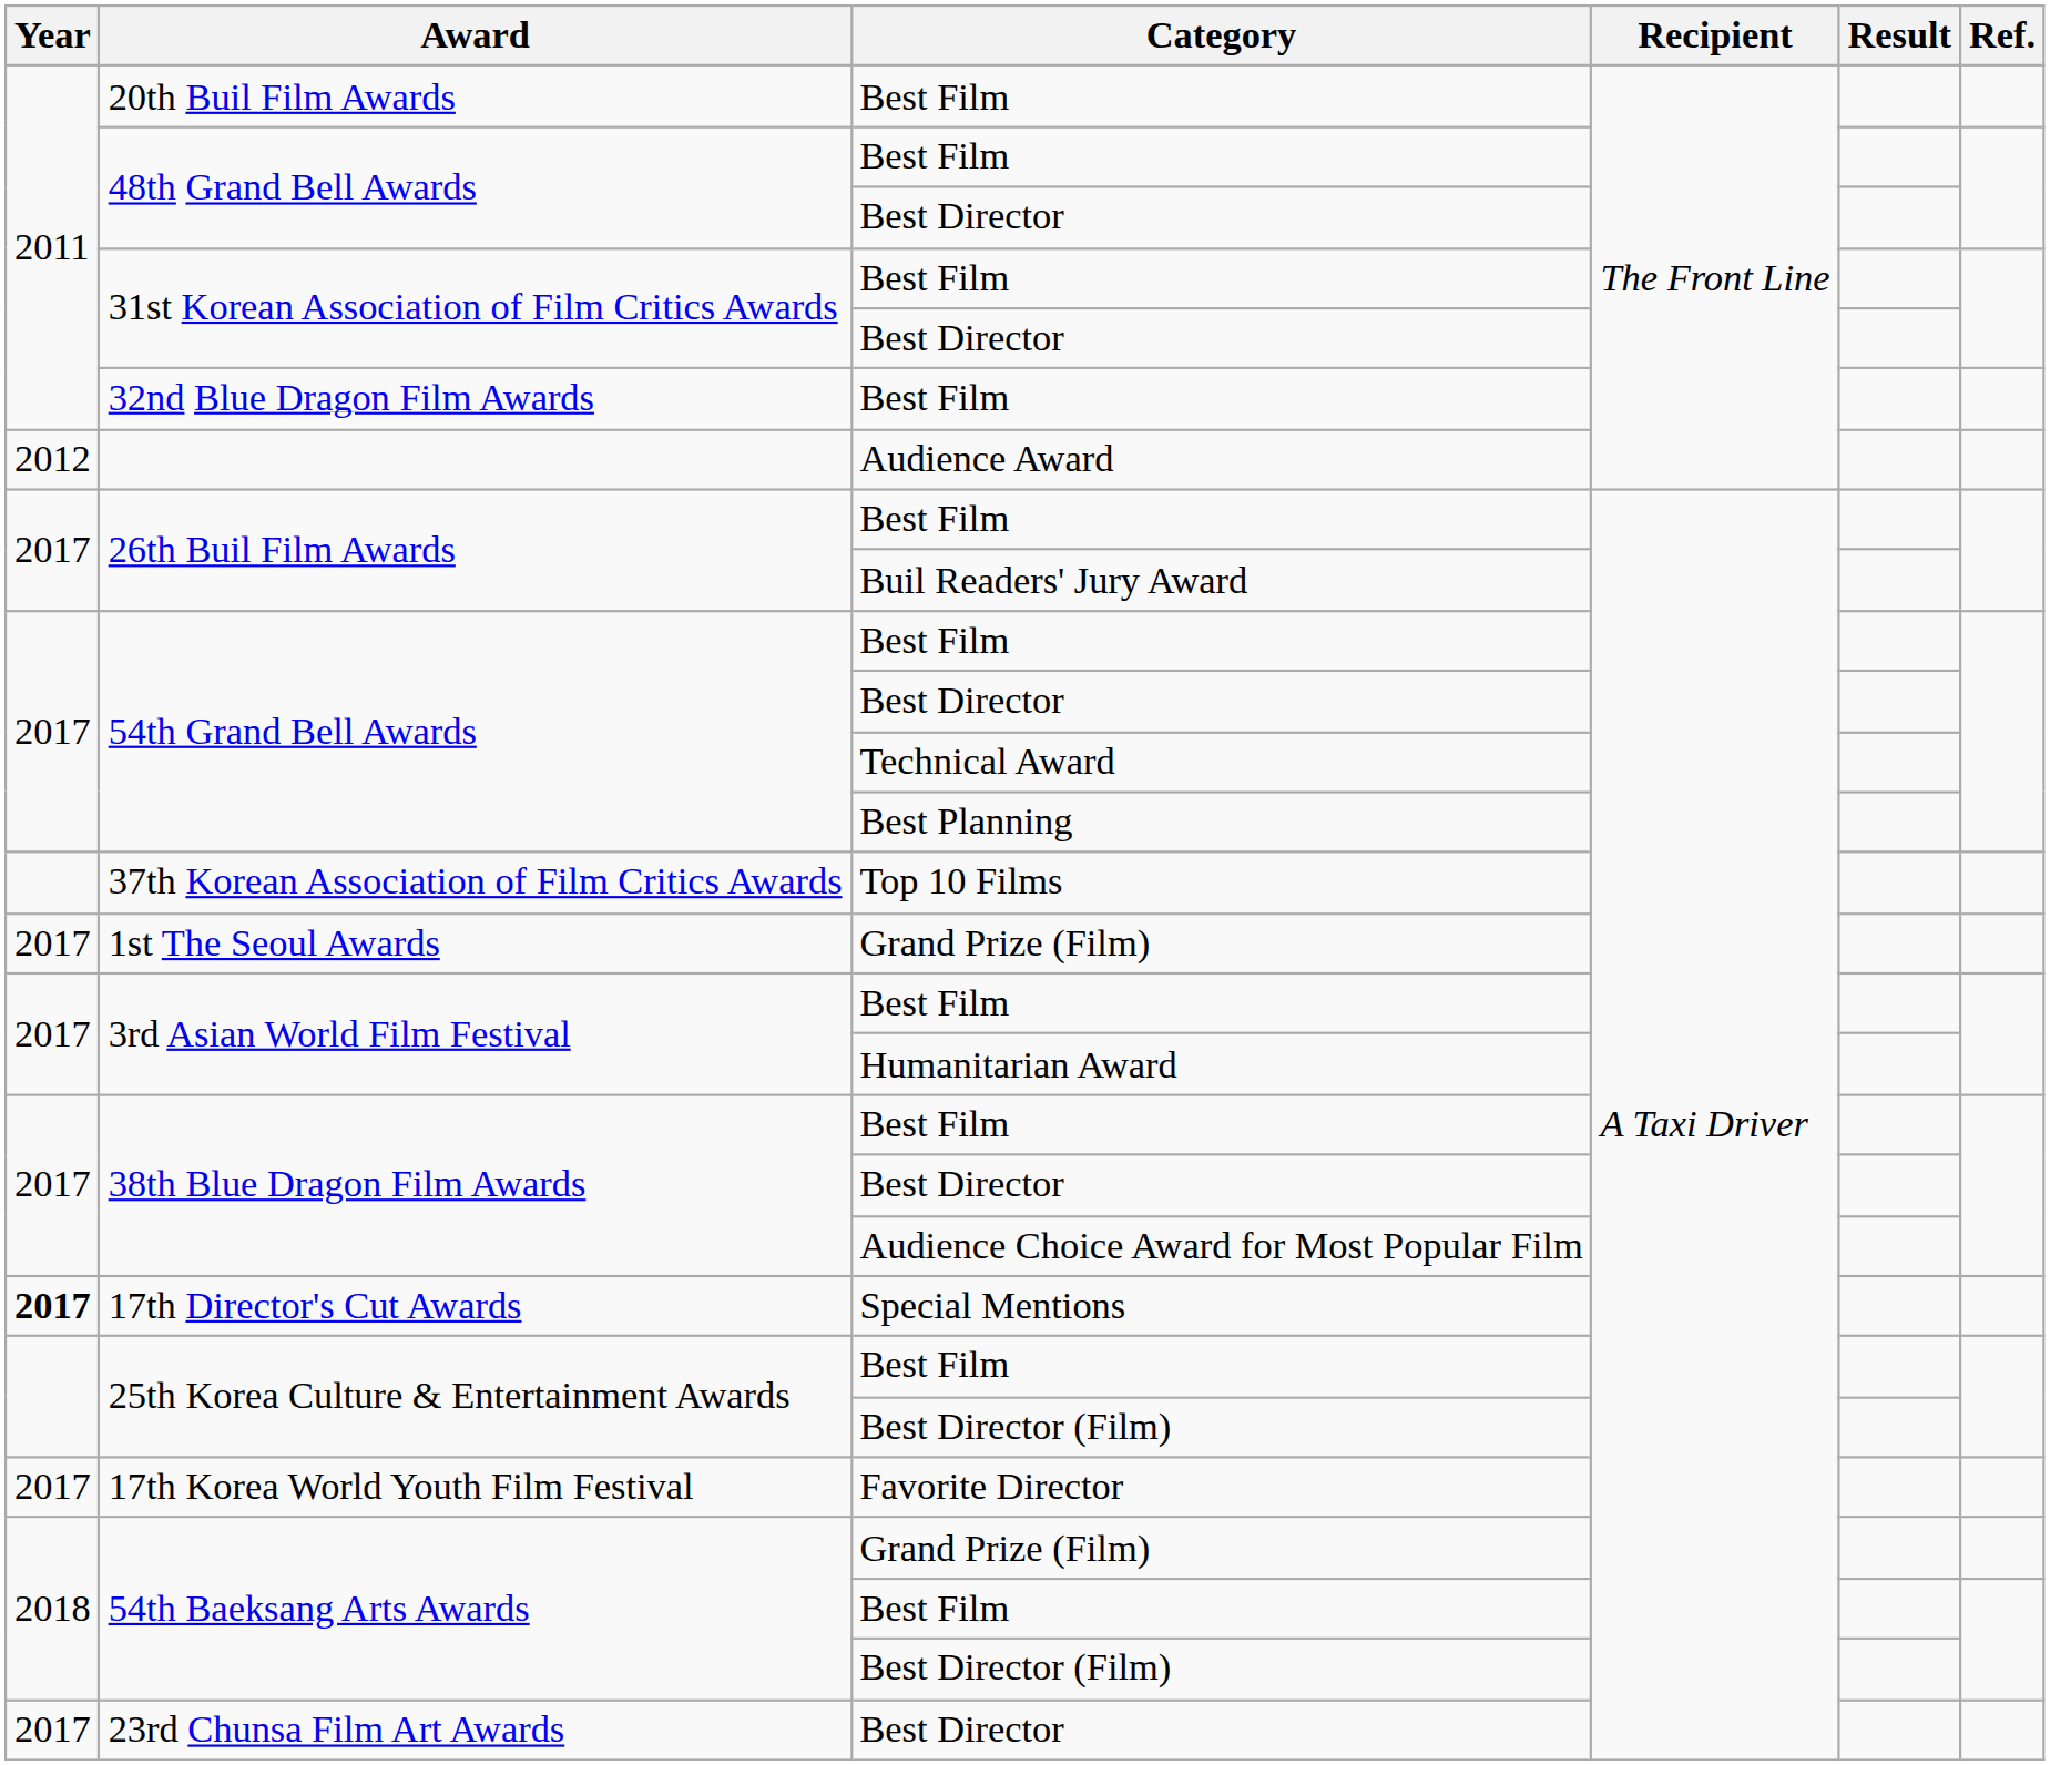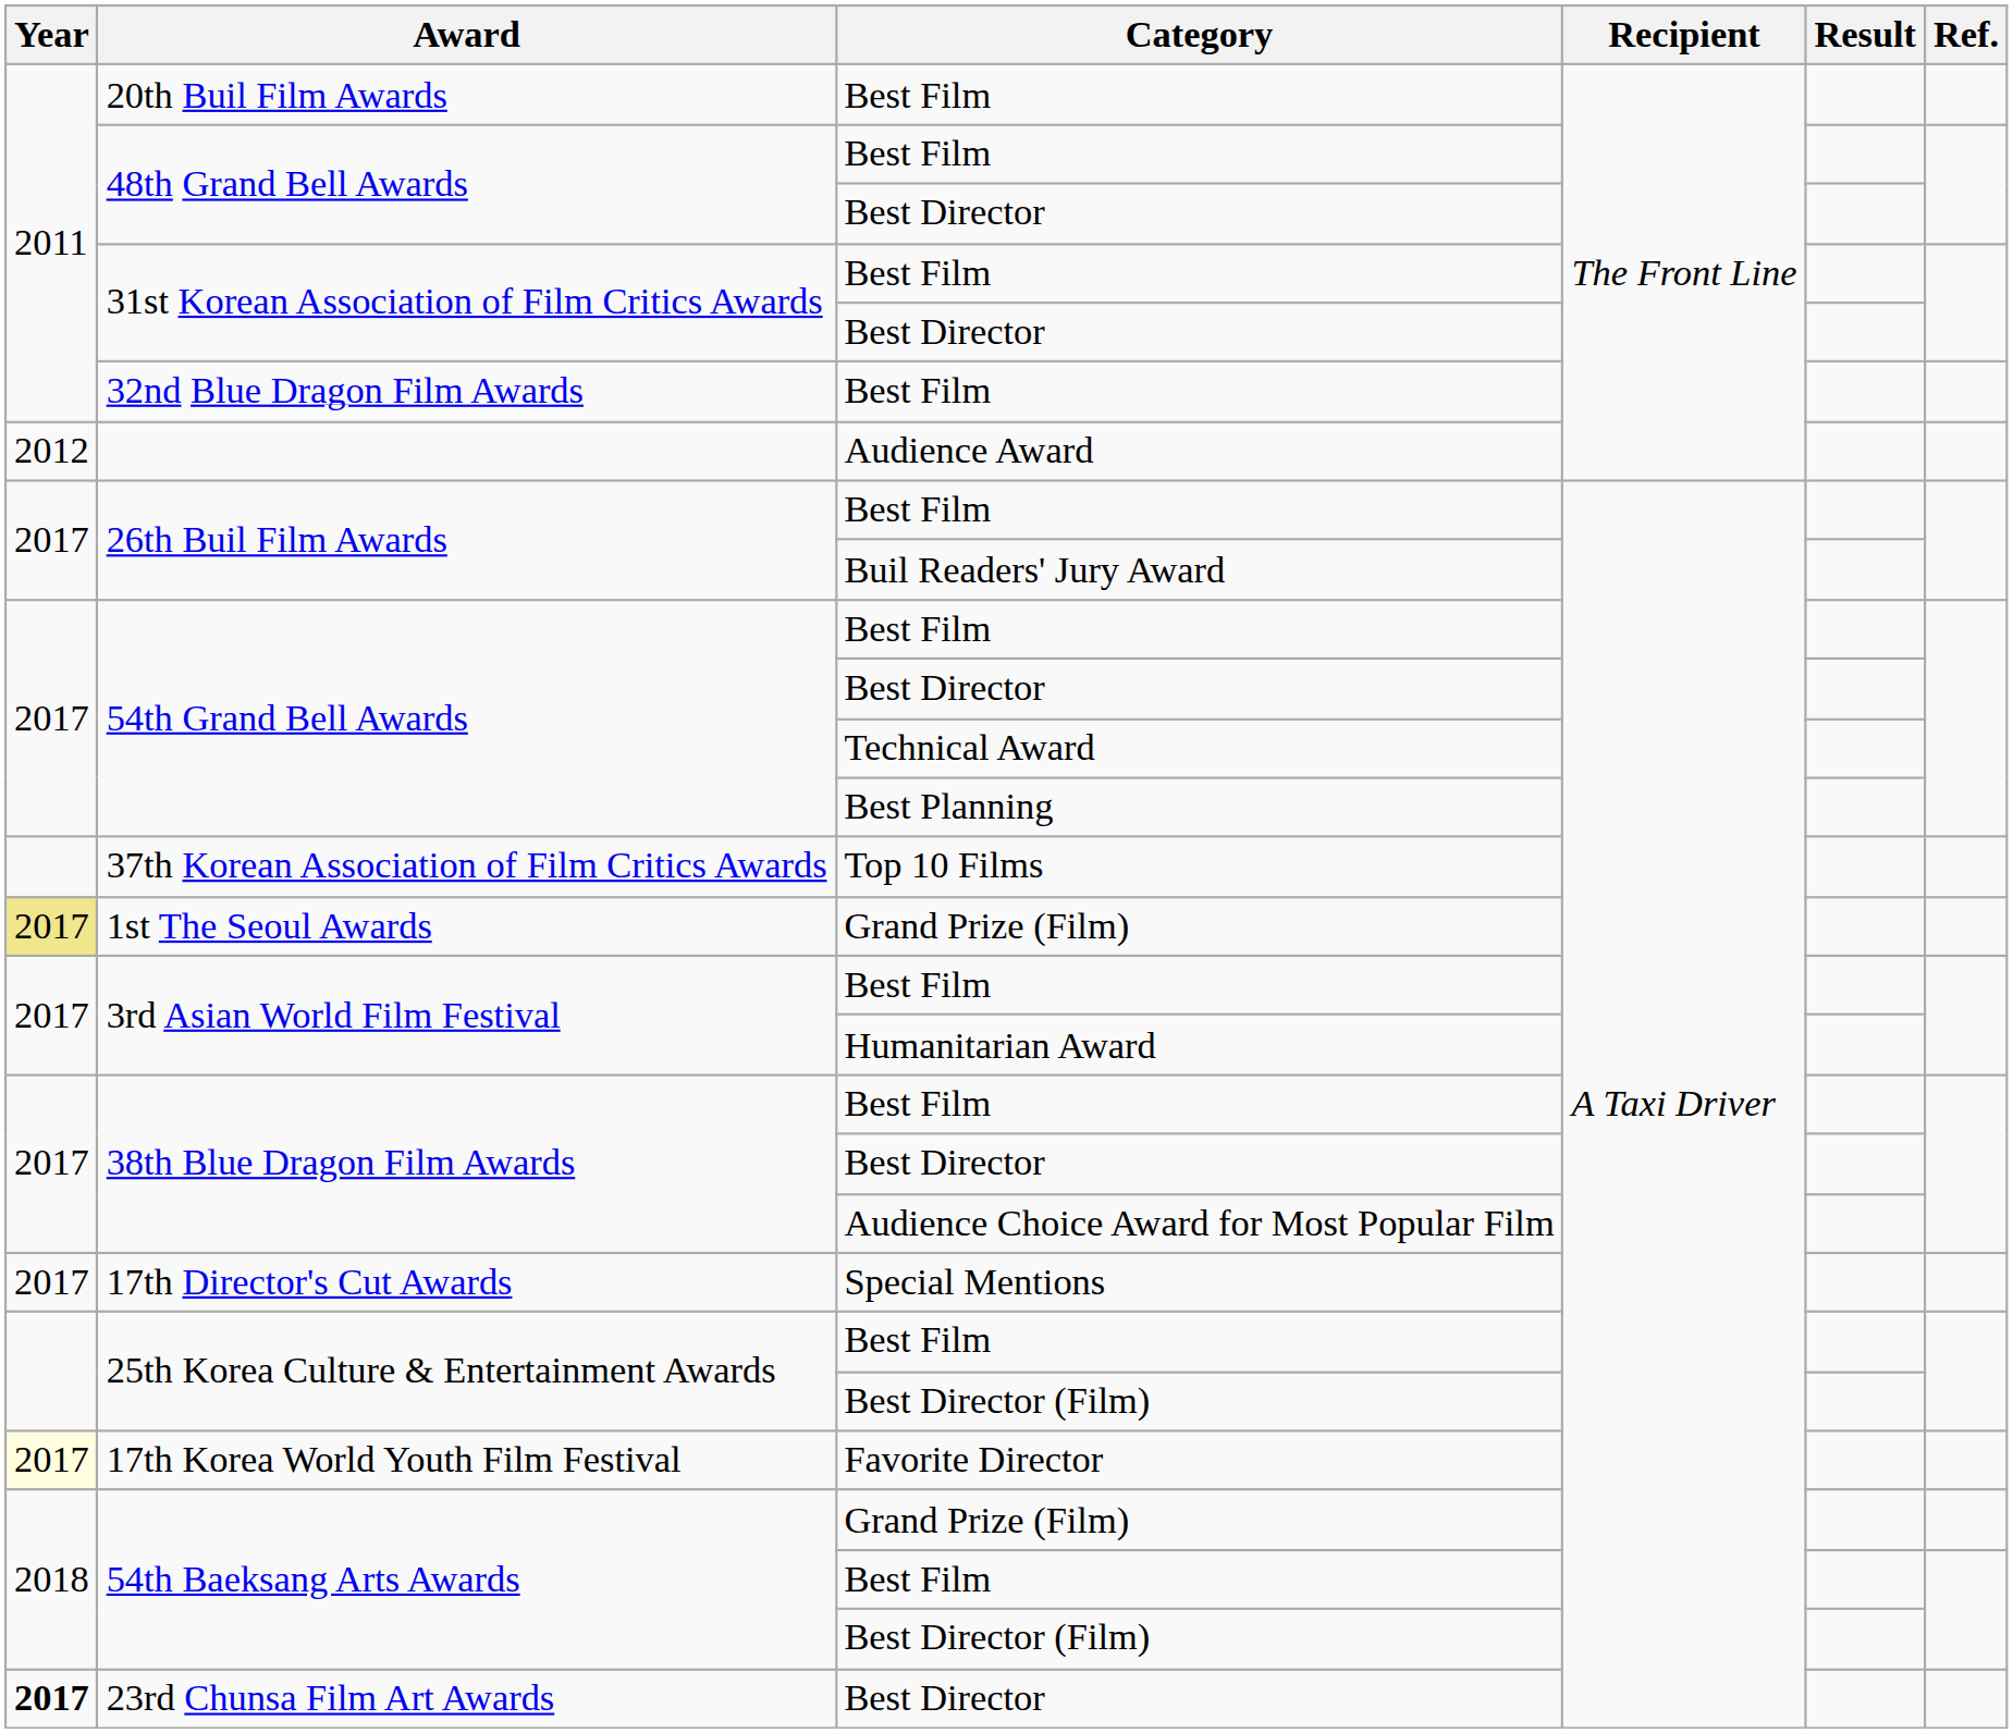 <table class="wikitable plainrowheaders sortable">
 <tr>
 <th>Year</th>
 <th>Award</th>
 <th>Category</th>
 <th>Recipient</th>
 <th>Result</th>
 <th>Ref.</th>
 </tr>
 <tr>
 <td rowspan="6">2011</td>
 <td>20th <a href='#'>Buil Film Awards</a></td>
 <td>Best Film</td>
 <td rowspan="7"><em>The Front Line</em></td>
 <td></td>
 <td></td>
 </tr>
 <tr>
 <td rowspan="2"><a href='#'>48th</a> <a href='#'>Grand Bell Awards</a></td>
 <td>Best Film</td>
 <td></td>
 <td rowspan="2"></td>
 </tr>
 <tr>
 <td>Best Director</td>
 <td></td>
 </tr>
 <tr>
 <td rowspan="2">31st <a href='#'>Korean Association of Film Critics Awards</a></td>
 <td>Best Film</td>
 <td></td>
 <td rowspan="2"></td>
 </tr>
 <tr>
 <td>Best Director</td>
 <td></td>
 </tr>
 <tr>
 <td><a href='#'>32nd</a> <a href='#'>Blue Dragon Film Awards</a></td>
 <td>Best Film</td>
 <td></td>
 <td></td>
 </tr>
 <tr>
 <td rowspan="1">2012</td>
 <td></td>
 <td>Audience Award</td>
 <td></td>
 <td></td>
 </tr>
 <tr>
 <td rowspan="2">2017</td>
 <td rowspan="2"><a href='#'>26th Buil Film Awards</a></td>
 <td>Best Film</td>
 <td rowspan="21"><em>A Taxi Driver</em></td>
 <td></td>
 <td rowspan="2"></td>
 </tr>
 <tr>
 <td>Buil Readers' Jury Award</td>
 <td></td>
 </tr>
 <tr>
 <td rowspan="4">2017</td>
 <td rowspan="4"><a href='#'>54th Grand Bell Awards</a></td>
 <td>Best Film</td>
 <td></td>
 <td rowspan="4"></td>
 </tr>
 <tr>
 <td>Best Director</td>
 <td></td>
 </tr>
 <tr>
 <td>Technical Award</td>
 <td></td>
 </tr>
 <tr>
 <td>Best Planning</td>
 <td></td>
 </tr>
 <tr>
 <td></td>
 <td>37th <a href='#'>Korean Association of Film Critics Awards</a></td>
 <td>Top 10 Films</td>
 <td></td>
 <td></td>
 </tr>
 <tr>
-<td>2017</td>
+<td style="background: khaki;">2017</td>
 <td>1st <a href='#'>The Seoul Awards</a></td>
 <td>Grand Prize (Film)</td>
 <td></td>
 <td></td>
 </tr>
 <tr>
 <td rowspan="2">2017</td>
 <td rowspan="2">3rd <a href='#'>Asian World Film Festival</a></td>
 <td>Best Film</td>
 <td></td>
 <td rowspan="2"></td>
 </tr>
 <tr>
 <td>Humanitarian Award</td>
 <td></td>
 </tr>
 <tr>
 <td rowspan="3">2017</td>
 <td rowspan="3"><a href='#'>38th Blue Dragon Film Awards</a></td>
 <td>Best Film</td>
 <td></td>
 <td rowspan="3"></td>
 </tr>
 <tr>
 <td>Best Director</td>
 <td></td>
 </tr>
 <tr>
 <td>Audience Choice Award for Most Popular Film</td>
 <td></td>
 </tr>
 <tr>
-<td><strong>2017</strong></td>
+<td>2017</td>
 <td>17th <a href='#'>Director's Cut Awards</a></td>
 <td>Special Mentions</td>
 <td></td>
 <td></td>
 </tr>
 <tr>
 <td rowspan="2"></td>
 <td rowspan="2">25th Korea Culture & Entertainment Awards</td>
 <td>Best Film</td>
 <td></td>
 <td rowspan="2"></td>
 </tr>
 <tr>
 <td>Best Director (Film)</td>
 <td></td>
 </tr>
 <tr>
-<td>2017</td>
+<td style="background: lightyellow;">2017</td>
 <td>17th Korea World Youth Film Festival</td>
 <td>Favorite Director</td>
 <td></td>
 <td></td>
 </tr>
 <tr>
 <td rowspan="3">2018</td>
 <td rowspan="3"><a href='#'>54th Baeksang Arts Awards</a></td>
 <td>Grand Prize (Film)</td>
 <td></td>
 <td></td>
 </tr>
 <tr>
 <td>Best Film</td>
 <td></td>
 <td rowspan="2"></td>
 </tr>
 <tr>
 <td>Best Director (Film)</td>
 <td></td>
 </tr>
 <tr>
-<td>2017</td>
+<td><strong>2017</strong></td>
 <td>23rd <a href='#'>Chunsa Film Art Awards</a></td>
 <td>Best Director</td>
 <td></td>
 <td></td>
 </tr>
 </table>
